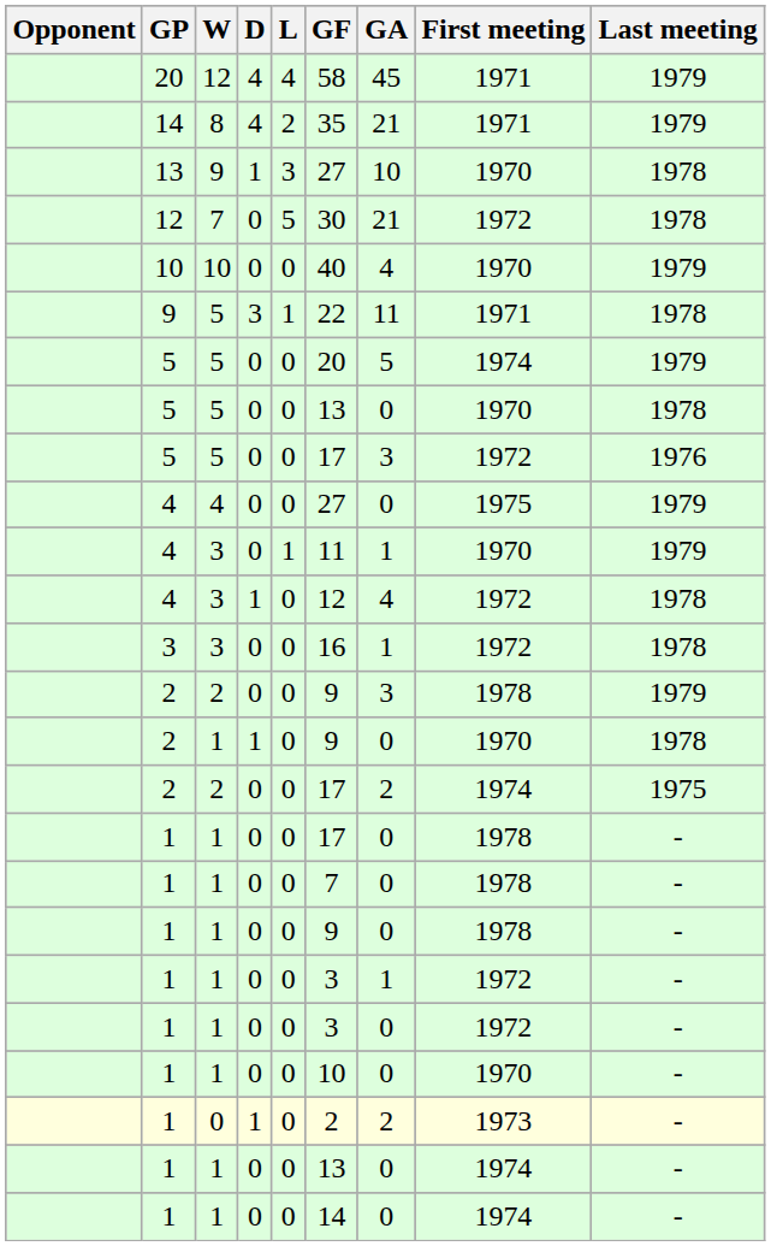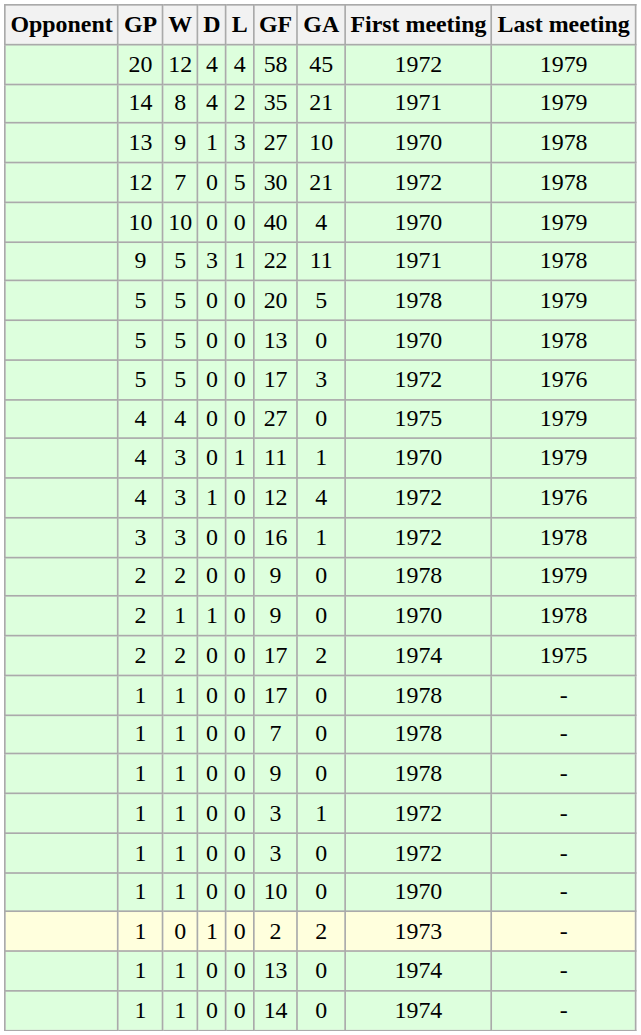 <table class="wikitable sortable" style="text-align:center; font-size:90%;">
 <tr>
 <th>Opponent</th>
 <th>GP</th>
 <th>W</th>
 <th>D</th>
 <th>L</th>
 <th>GF</th>
 <th>GA</th>
 <th>First meeting</th>
 <th>Last meeting</th>
 </tr>
 <tr bgcolor="#dfd">
 <td></td>
 <td>20</td>
 <td>12</td>
 <td>4</td>
 <td>4</td>
 <td>58</td>
 <td>45</td>
-<td>1971</td>
+<td>1972</td>
 <td>1979</td>
 </tr>
 <tr bgcolor="#dfd">
 <td></td>
 <td>14</td>
 <td>8</td>
 <td>4</td>
 <td>2</td>
 <td>35</td>
 <td>21</td>
 <td>1971</td>
 <td>1979</td>
 </tr>
 <tr bgcolor="#dfd">
 <td></td>
 <td>13</td>
 <td>9</td>
 <td>1</td>
 <td>3</td>
 <td>27</td>
 <td>10</td>
 <td>1970</td>
 <td>1978</td>
 </tr>
 <tr bgcolor="#dfd">
 <td></td>
 <td>12</td>
 <td>7</td>
 <td>0</td>
 <td>5</td>
 <td>30</td>
 <td>21</td>
 <td>1972</td>
 <td>1978</td>
 </tr>
 <tr bgcolor="#dfd">
 <td></td>
 <td>10</td>
 <td>10</td>
 <td>0</td>
 <td>0</td>
 <td>40</td>
 <td>4</td>
 <td>1970</td>
 <td>1979</td>
 </tr>
 <tr bgcolor="#dfd">
 <td></td>
 <td>9</td>
 <td>5</td>
 <td>3</td>
 <td>1</td>
 <td>22</td>
 <td>11</td>
 <td>1971</td>
 <td>1978</td>
 </tr>
 <tr bgcolor="#dfd">
 <td></td>
 <td>5</td>
 <td>5</td>
 <td>0</td>
 <td>0</td>
 <td>20</td>
 <td>5</td>
-<td>1974</td>
+<td>1978</td>
 <td>1979</td>
 </tr>
 <tr bgcolor="#dfd">
 <td></td>
 <td>5</td>
 <td>5</td>
 <td>0</td>
 <td>0</td>
 <td>13</td>
 <td>0</td>
 <td>1970</td>
 <td>1978</td>
 </tr>
 <tr bgcolor="#dfd">
 <td></td>
 <td>5</td>
 <td>5</td>
 <td>0</td>
 <td>0</td>
 <td>17</td>
 <td>3</td>
 <td>1972</td>
 <td>1976</td>
 </tr>
 <tr bgcolor="#dfd">
 <td></td>
 <td>4</td>
 <td>4</td>
 <td>0</td>
 <td>0</td>
 <td>27</td>
 <td>0</td>
 <td>1975</td>
 <td>1979</td>
 </tr>
 <tr bgcolor="#dfd">
 <td></td>
 <td>4</td>
 <td>3</td>
 <td>0</td>
 <td>1</td>
 <td>11</td>
 <td>1</td>
 <td>1970</td>
 <td>1979</td>
 </tr>
 <tr bgcolor="#dfd">
 <td></td>
 <td>4</td>
 <td>3</td>
 <td>1</td>
 <td>0</td>
 <td>12</td>
 <td>4</td>
 <td>1972</td>
-<td>1978</td>
+<td>1976</td>
 </tr>
 <tr bgcolor="#dfd">
 <td></td>
 <td>3</td>
 <td>3</td>
 <td>0</td>
 <td>0</td>
 <td>16</td>
 <td>1</td>
 <td>1972</td>
 <td>1978</td>
 </tr>
 <tr bgcolor="#dfd">
 <td></td>
 <td>2</td>
 <td>2</td>
 <td>0</td>
 <td>0</td>
 <td>9</td>
-<td>3</td>
+<td>0</td>
 <td>1978</td>
 <td>1979</td>
 </tr>
 <tr bgcolor="#dfd">
 <td></td>
 <td>2</td>
 <td>1</td>
 <td>1</td>
 <td>0</td>
 <td>9</td>
 <td>0</td>
 <td>1970</td>
 <td>1978</td>
 </tr>
 <tr bgcolor="#dfd">
 <td></td>
 <td>2</td>
 <td>2</td>
 <td>0</td>
 <td>0</td>
 <td>17</td>
 <td>2</td>
 <td>1974</td>
 <td>1975</td>
 </tr>
 <tr bgcolor="#dfd">
 <td></td>
 <td>1</td>
 <td>1</td>
 <td>0</td>
 <td>0</td>
 <td>17</td>
 <td>0</td>
 <td>1978</td>
 <td>-</td>
 </tr>
 <tr bgcolor="#dfd">
 <td></td>
 <td>1</td>
 <td>1</td>
 <td>0</td>
 <td>0</td>
 <td>7</td>
 <td>0</td>
 <td>1978</td>
 <td>-</td>
 </tr>
 <tr bgcolor="#dfd">
 <td></td>
 <td>1</td>
 <td>1</td>
 <td>0</td>
 <td>0</td>
 <td>9</td>
 <td>0</td>
 <td>1978</td>
 <td>-</td>
 </tr>
 <tr bgcolor="#dfd">
 <td></td>
 <td>1</td>
 <td>1</td>
 <td>0</td>
 <td>0</td>
 <td>3</td>
 <td>1</td>
 <td>1972</td>
 <td>-</td>
 </tr>
 <tr bgcolor="#dfd">
 <td></td>
 <td>1</td>
 <td>1</td>
 <td>0</td>
 <td>0</td>
 <td>3</td>
 <td>0</td>
 <td>1972</td>
 <td>-</td>
 </tr>
 <tr bgcolor="#dfd">
 <td></td>
 <td>1</td>
 <td>1</td>
 <td>0</td>
 <td>0</td>
 <td>10</td>
 <td>0</td>
 <td>1970</td>
 <td>-</td>
 </tr>
 <tr bgcolor="#ffd">
 <td></td>
 <td>1</td>
 <td>0</td>
 <td>1</td>
 <td>0</td>
 <td>2</td>
 <td>2</td>
 <td>1973</td>
 <td>-</td>
 </tr>
 <tr bgcolor="#dfd">
 <td></td>
 <td>1</td>
 <td>1</td>
 <td>0</td>
 <td>0</td>
 <td>13</td>
 <td>0</td>
 <td>1974</td>
 <td>-</td>
 </tr>
 <tr bgcolor="#dfd">
 <td></td>
 <td>1</td>
 <td>1</td>
 <td>0</td>
 <td>0</td>
 <td>14</td>
 <td>0</td>
 <td>1974</td>
 <td>-</td>
 </tr>
 </table>
